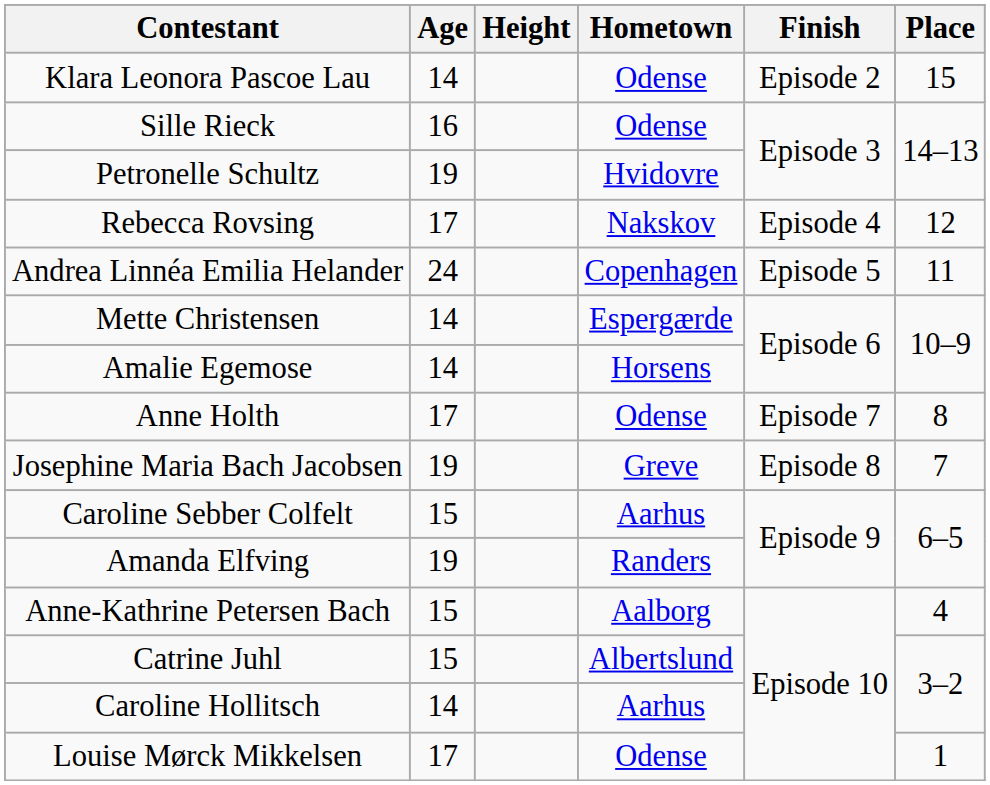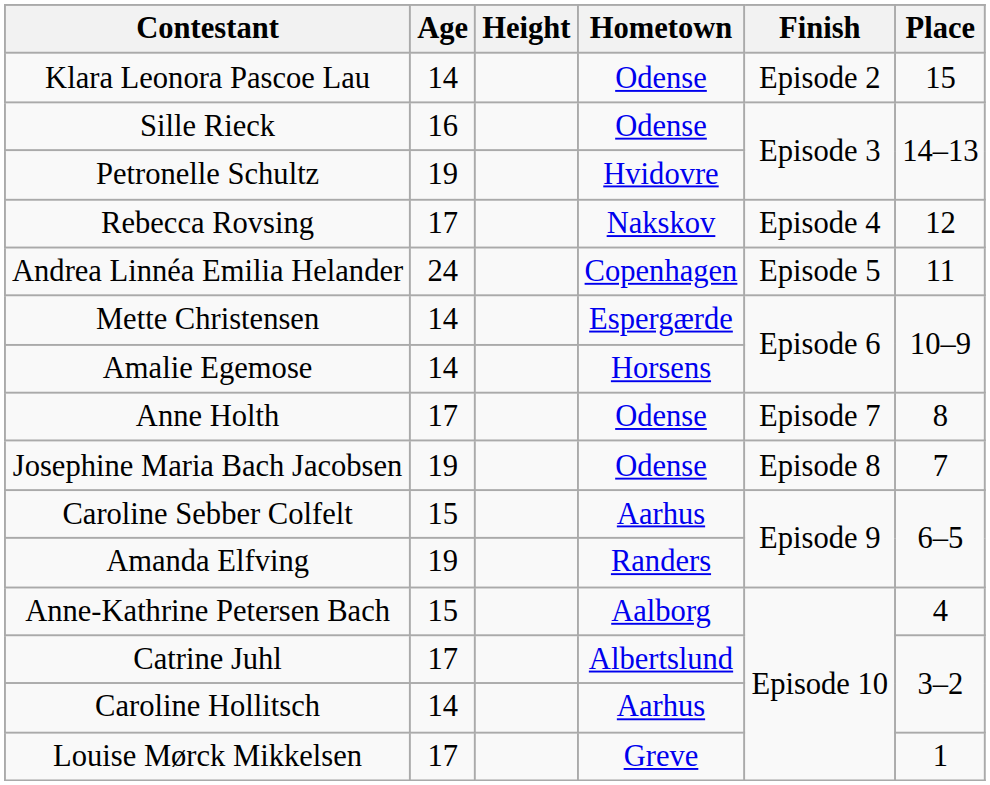 <table class="wikitable sortable" style="text-align:center;">
 <tr>
 <th>Contestant</th>
 <th>Age</th>
 <th>Height</th>
 <th>Hometown</th>
 <th>Finish</th>
 <th>Place</th>
 </tr>
 <tr>
 <td>Klara Leonora Pascoe Lau</td>
 <td>14</td>
 <td></td>
 <td><a href='#'>Odense</a></td>
 <td>Episode 2</td>
 <td>15</td>
 </tr>
 <tr>
 <td>Sille Rieck</td>
 <td>16</td>
 <td></td>
 <td><a href='#'>Odense</a></td>
 <td rowspan="2">Episode 3</td>
 <td rowspan="2">14–13</td>
 </tr>
 <tr>
 <td>Petronelle Schultz</td>
 <td>19</td>
 <td></td>
 <td><a href='#'>Hvidovre</a></td>
 </tr>
 <tr>
 <td>Rebecca Rovsing</td>
 <td>17</td>
 <td></td>
 <td><a href='#'>Nakskov</a></td>
 <td>Episode 4</td>
 <td>12</td>
 </tr>
 <tr>
 <td>Andrea Linnéa Emilia Helander</td>
 <td>24</td>
 <td></td>
 <td><a href='#'>Copenhagen</a></td>
 <td>Episode 5</td>
 <td>11</td>
 </tr>
 <tr>
 <td>Mette Christensen</td>
 <td>14</td>
 <td></td>
 <td><a href='#'>Espergærde</a></td>
 <td rowspan="2">Episode 6</td>
 <td rowspan="2">10–9</td>
 </tr>
 <tr>
 <td>Amalie Egemose</td>
 <td>14</td>
 <td></td>
 <td><a href='#'>Horsens</a></td>
 </tr>
 <tr>
 <td>Anne Holth</td>
 <td>17</td>
 <td></td>
 <td><a href='#'>Odense</a></td>
 <td>Episode 7</td>
 <td>8</td>
 </tr>
 <tr>
 <td>Josephine Maria Bach Jacobsen</td>
 <td>19</td>
 <td></td>
-<td><a href='#'>Greve</a></td>
+<td><a href='#'>Odense</a></td>
 <td>Episode 8</td>
 <td>7</td>
 </tr>
 <tr>
 <td>Caroline Sebber Colfelt</td>
 <td>15</td>
 <td></td>
 <td><a href='#'>Aarhus</a></td>
 <td rowspan="2">Episode 9</td>
 <td rowspan="2">6–5</td>
 </tr>
 <tr>
 <td>Amanda Elfving</td>
 <td>19</td>
 <td></td>
 <td><a href='#'>Randers</a></td>
 </tr>
 <tr>
 <td>Anne-Kathrine Petersen Bach</td>
 <td>15</td>
 <td></td>
 <td><a href='#'>Aalborg</a></td>
 <td rowspan="4">Episode 10</td>
 <td>4</td>
 </tr>
 <tr>
 <td>Catrine Juhl</td>
-<td>15</td>
+<td>17</td>
 <td></td>
 <td><a href='#'>Albertslund</a></td>
 <td rowspan="2">3–2</td>
 </tr>
 <tr>
 <td>Caroline Hollitsch</td>
 <td>14</td>
 <td></td>
 <td><a href='#'>Aarhus</a></td>
 </tr>
 <tr>
 <td>Louise Mørck Mikkelsen</td>
 <td>17</td>
 <td></td>
-<td><a href='#'>Odense</a></td>
+<td><a href='#'>Greve</a></td>
 <td>1</td>
 </tr>
 </table>
